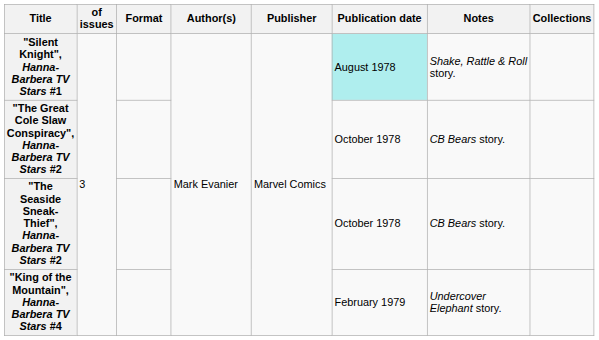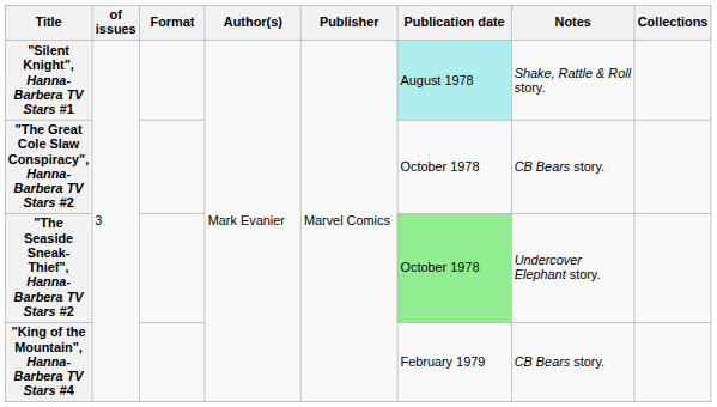 <table class="wikitable">
 <tr>
 <th>Title</th>
 <th style="width:40pt"> of issues</th>
 <th style="width:75pt">Format</th>
 <th style="width:125pt">Author(s)</th>
 <th style="width:125pt">Publisher</th>
 <th style="width:150pt">Publication date</th>
 <th style="width:175pt">Notes</th>
 <th>Collections</th>
 </tr>
 <tr>
 <th>"Silent Knight", <em>Hanna-Barbera TV Stars</em> #1</th>
 <td rowspan="4">3</td>
 <td></td>
 <td rowspan="4">Mark Evanier</td>
 <td rowspan="4">Marvel Comics</td>
 <td style="background: paleturquoise;">August 1978</td>
 <td><em>Shake, Rattle & Roll</em> story.</td>
 <td></td>
 </tr>
 <tr>
 <th>"The Great Cole Slaw Conspiracy", <em>Hanna-Barbera TV Stars</em> #2</th>
 <td></td>
 <td>October 1978</td>
 <td><em>CB Bears</em> story.</td>
 <td></td>
 </tr>
 <tr>
 <th>"The Seaside Sneak-Thief", <em>Hanna-Barbera TV Stars</em> #2</th>
 <td></td>
-<td>October 1978</td>
-<td><em>CB Bears</em> story.</td>
+<td style="background: lightgreen;">October 1978</td>
+<td><em>Undercover Elephant</em> story.</td>
 <td></td>
 </tr>
 <tr>
 <th>"King of the Mountain", <em>Hanna-Barbera TV Stars</em> #4</th>
 <td></td>
 <td>February 1979</td>
-<td><em>Undercover Elephant</em> story.</td>
+<td><em>CB Bears</em> story.</td>
 <td></td>
 </tr>
 </table>
